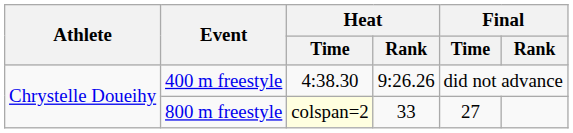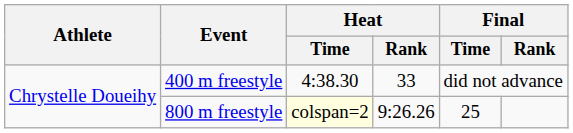 <table class=wikitable style="font-size:90%">
 <tr>
 <th rowspan=2>Athlete</th>
 <th rowspan=2>Event</th>
 <th colspan="2">Heat</th>
 <th colspan="2">Final</th>
 </tr>
 <tr style="font-size:95%">
 <th>Time</th>
 <th>Rank</th>
 <th>Time</th>
 <th>Rank</th>
 </tr>
 <tr align=center>
 <td align=left rowspan=2><a href='#'>Chrystelle Doueihy</a></td>
 <td align=left><a href='#'>400 m freestyle</a></td>
 <td>4:38.30</td>
-<td>9:26.26</td>
+<td>33</td>
 <td colspan=2>did not advance</td>
 </tr>
 <tr align=center>
 <td align=left><a href='#'>800 m freestyle</a></td>
 <td style="background: lightyellow;">colspan=2 </td>
-<td>33</td>
-<td>27</td>
+<td>9:26.26</td>
+<td>25</td>
 </tr>
 </table>
